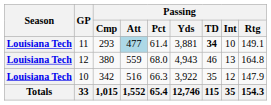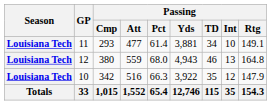 <table class="wikitable" style="text-align:center;">
 <tr>
 <th rowspan="2">Season</th>
 <th rowspan="2">GP</th>
 <th colspan="7">Passing</th>
 </tr>
 <tr>
 <th>Cmp</th>
 <th>Att</th>
 <th>Pct</th>
 <th>Yds</th>
 <th>TD</th>
 <th>Int</th>
 <th>Rtg</th>
 </tr>
 <tr>
 <th><a href='#'>Louisiana Tech</a></th>
 <td>11</td>
 <td>293</td>
-<td style="background: lightblue;">477</td>
+<td>477</td>
 <td>61.4</td>
 <td>3,881</td>
-<td><strong>34</strong></td>
+<td>34</td>
 <td>10</td>
 <td>149.1</td>
 </tr>
 <tr>
 <th><a href='#'>Louisiana Tech</a></th>
 <td>12</td>
 <td>380</td>
 <td>559</td>
 <td>68.0</td>
 <td>4,943</td>
 <td>46</td>
 <td>13</td>
 <td>164.8</td>
 </tr>
 <tr>
 <th><a href='#'>Louisiana Tech</a></th>
 <td>10</td>
 <td>342</td>
 <td>516</td>
 <td>66.3</td>
 <td>3,922</td>
 <td>35</td>
 <td>12</td>
 <td>147.9</td>
 </tr>
 <tr>
 <th>Totals</th>
 <th>33</th>
 <th>1,015</th>
 <th>1,552</th>
 <th>65.4</th>
 <th>12,746</th>
 <th>115</th>
 <th>35</th>
 <th>154.3</th>
 </tr>
 </table>
